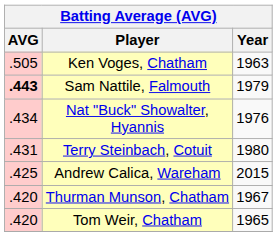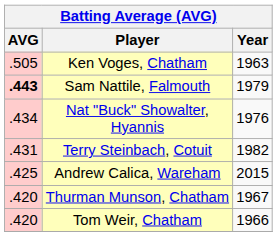 <table class="wikitable" style="display: inline-table; margin-right: 20px; text-align:center">
 <tr>
 <th colspan="3"><a href='#'>Batting Average (AVG)</a></th>
 </tr>
 <tr>
 <th scope="col" style="width: 25px;">AVG</th>
 <th scope="col" style="width: 200px;">Player</th>
 <th scope="col" style="width: 25px;">Year</th>
 </tr>
 <tr>
 <td bgcolor=#ffcccc>.505</td>
 <td !scope="row" style="background:#ffb;">Ken Voges, <a href='#'>Chatham</a></td>
 <td>1963</td>
 </tr>
 <tr>
 <td bgcolor=#ffcccc><strong>.443</strong></td>
 <td !scope="row" style="background:#ffb;">Sam Nattile, <a href='#'>Falmouth</a></td>
 <td>1979</td>
 </tr>
 <tr>
 <td bgcolor=#ffcccc>.434</td>
 <td !scope="row" style="background:#ffb;"><a href='#'>Nat "Buck" Showalter</a>, <a href='#'>Hyannis</a></td>
 <td>1976</td>
 </tr>
 <tr>
 <td bgcolor=#ffcccc>.431</td>
 <td !scope="row" style="background:#ffb;"><a href='#'>Terry Steinbach</a>, <a href='#'>Cotuit</a></td>
-<td>1980</td>
+<td>1982</td>
 </tr>
 <tr>
 <td bgcolor=#ffcccc>.425</td>
 <td !scope="row" style="background:#ffb;">Andrew Calica, <a href='#'>Wareham</a></td>
 <td>2015</td>
 </tr>
 <tr>
 <td bgcolor=#ffcccc>.420</td>
 <td !scope="row" style="background:#ffb;"><a href='#'>Thurman Munson</a>, <a href='#'>Chatham</a></td>
 <td>1967</td>
 </tr>
 <tr>
 <td bgcolor=#ffcccc>.420</td>
 <td !scope="row" style="background:#ffb;">Tom Weir, <a href='#'>Chatham</a></td>
-<td>1965</td>
+<td>1966</td>
 </tr>
 <tr>
 </tr>
 </table>
